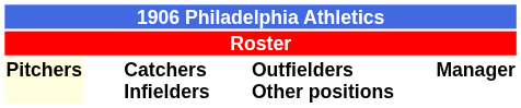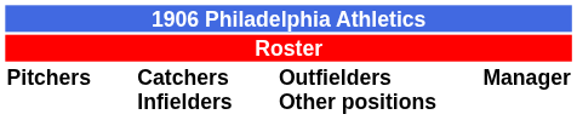 <table class="toccolours" style="font-size: 95%;">
 <tr>
 <th colspan="10" style="background-color: #4169e1; color: white; text-align: center;">1906 Philadelphia Athletics</th>
 </tr>
 <tr>
 <td colspan="10" style="background-color: #FF0000; color: white; text-align: center;"><strong>Roster</strong></td>
 </tr>
 <tr>
-<td valign="top" style="background: lightyellow;"><strong>Pitchers</strong><br>         </td>
+<td valign="top"><strong>Pitchers</strong><br>         </td>
 <td width="25px"></td>
 <td valign="top"><strong>Catchers</strong><br>    <strong>Infielders</strong>          </td>
 <td width="25px"></td>
 <td valign="top"><strong>Outfielders</strong><br>     <strong>Other positions</strong>  </td>
 <td width="25px"></td>
 <td valign="top"><strong>Manager</strong><br></td>
 </tr>
 </table>
